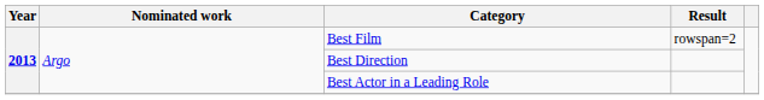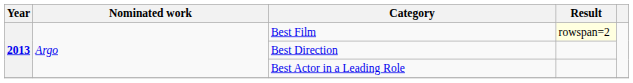 <table class=wikitable>
 <tr>
 <th scope="col" style="width:1em;">Year</th>
 <th scope="col" style="width:30em;">Nominated work</th>
 <th scope="col" style="width:38em;">Category</th>
 <th scope="col" style="width:5em;">Result</th>
 <th scope="col" style="width:1em;"></th>
 </tr>
 <tr>
 <th scope="row" rowspan=3><a href='#'>2013</a></th>
 <td rowspan=3><em><a href='#'>Argo</a></em></td>
 <td><a href='#'>Best Film</a></td>
-<td>rowspan=2 </td>
+<td style="background: lightyellow;">rowspan=2 </td>
 <td rowspan=3 style="text-align:center;"></td>
 </tr>
 <tr>
 <td><a href='#'>Best Direction</a></td>
 </tr>
 <tr>
 <td><a href='#'>Best Actor in a Leading Role</a></td>
 <td></td>
 </tr>
 <tr>
 </tr>
 </table>
